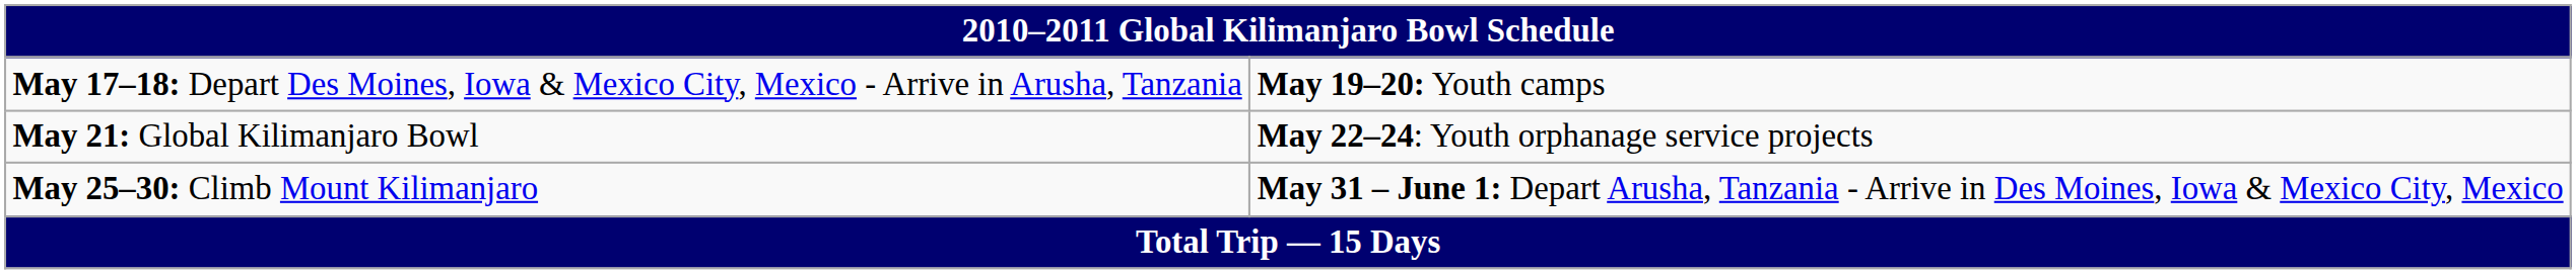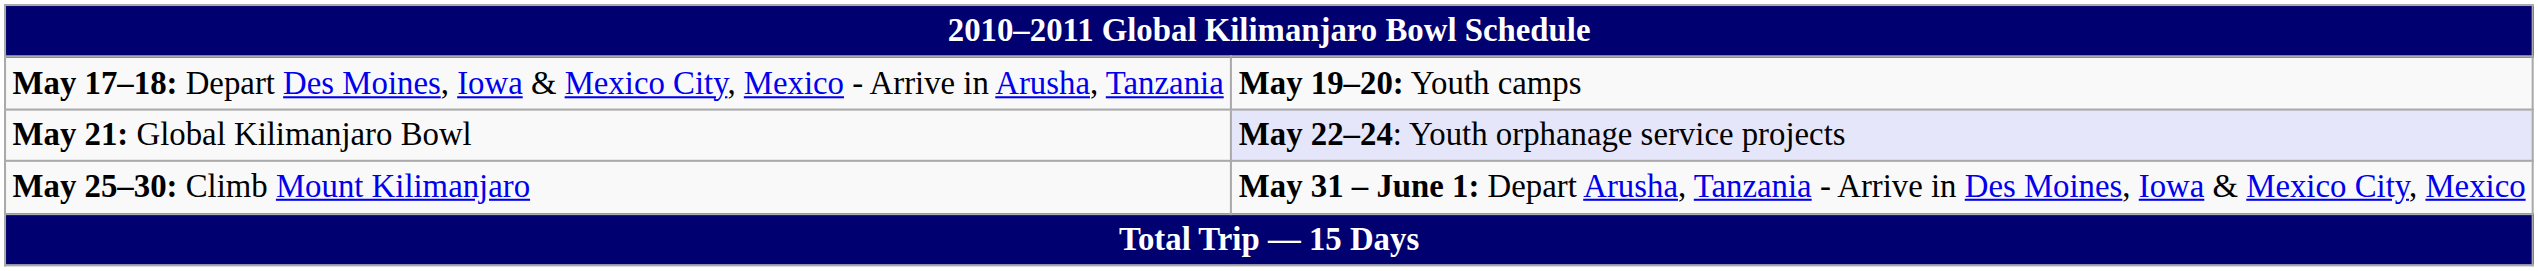 <table class="wikitable">
 <tr style="background:#000070; text-align:center;">
 <th colspan="2" style="color:white; background:#000070;"><strong>2010–2011 Global Kilimanjaro Bowl Schedule</strong></th>
 </tr>
 <tr align=left>
 <td><strong>May 17–18:</strong> Depart  <a href='#'>Des Moines</a>, <a href='#'>Iowa</a> & <a href='#'>Mexico City</a>, <a href='#'>Mexico</a> - Arrive in <a href='#'>Arusha</a>, <a href='#'>Tanzania</a></td>
 <td><strong> May 19–20:</strong> Youth camps</td>
 </tr>
 <tr align=left>
 <td><strong>May 21:</strong> Global Kilimanjaro Bowl</td>
-<td><strong>May 22–24</strong>: Youth orphanage service projects</td>
+<td style="background: lavender;"><strong>May 22–24</strong>: Youth orphanage service projects</td>
 </tr>
 <tr align=left>
 <td><strong>May 25–30:</strong> Climb <a href='#'>Mount Kilimanjaro</a></td>
 <td><strong>May 31 – June 1:</strong> Depart <a href='#'>Arusha</a>, <a href='#'>Tanzania</a> - Arrive in <a href='#'>Des Moines</a>, <a href='#'>Iowa</a> & <a href='#'>Mexico City</a>, <a href='#'>Mexico</a></td>
 </tr>
 <tr style="background:#000070; text-align:center;">
 <th colspan="2" style="color:white; background:#000070;"><strong>Total Trip — 15 Days</strong></th>
 </tr>
 </table>
